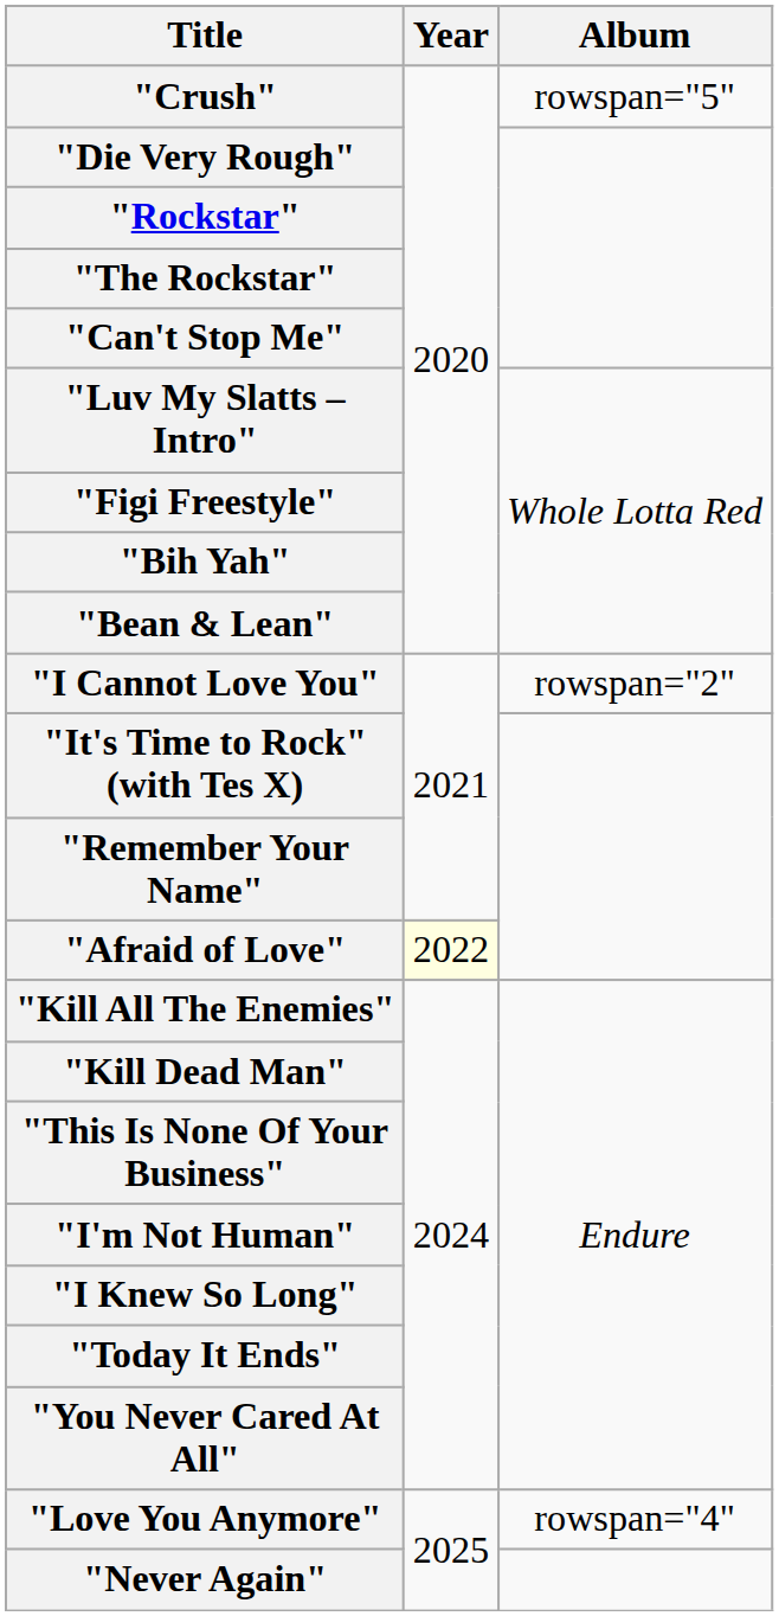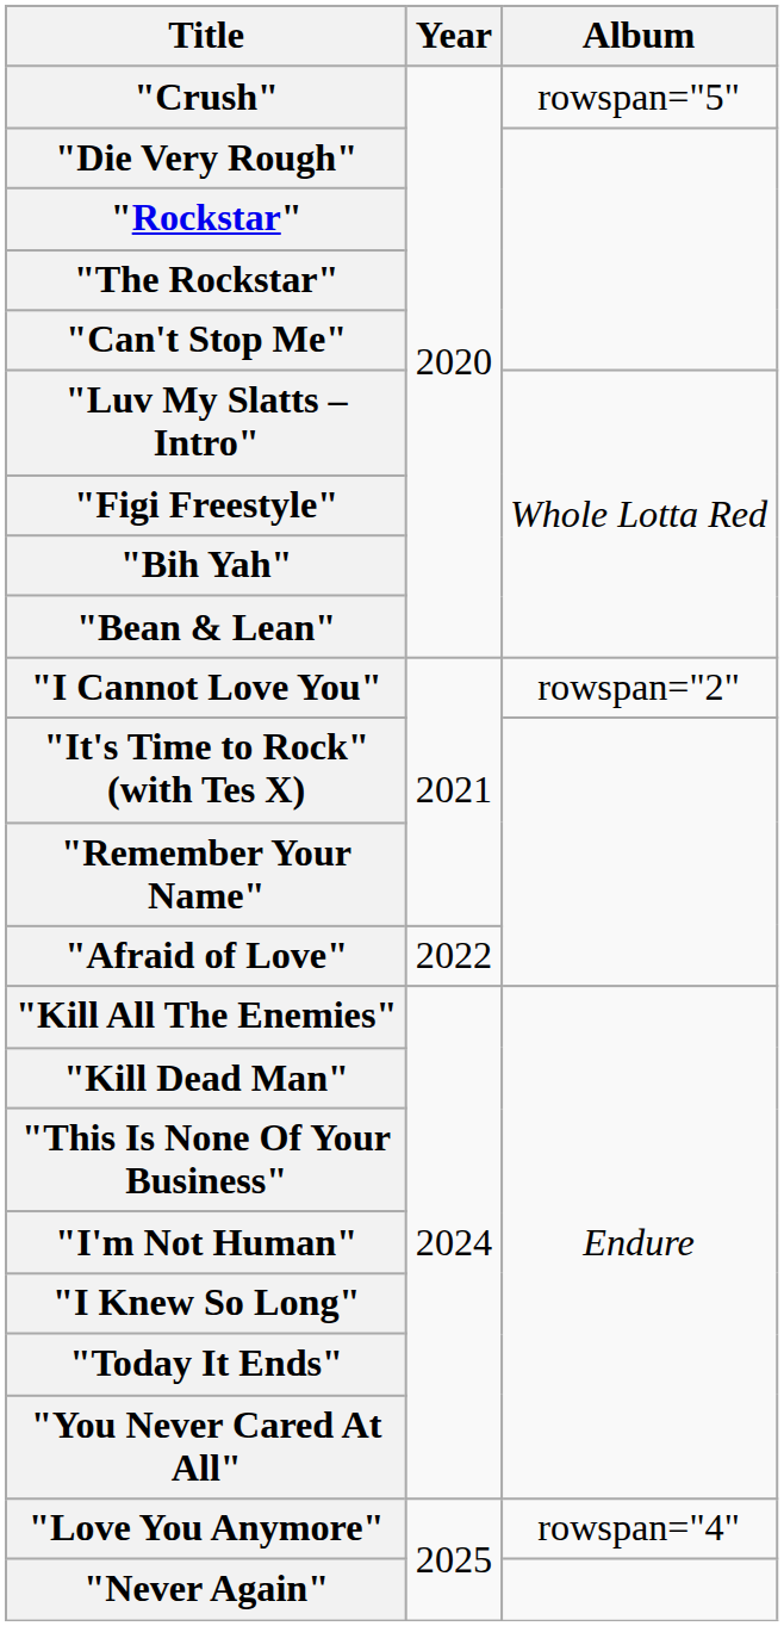 <table class="wikitable plainrowheaders" style="text-align:center;">
 <tr>
 <th scope="col" style="width:10em;">Title</th>
 <th scope="col">Year</th>
 <th scope="col">Album</th>
 </tr>
 <tr>
 <th scope="row">"Crush"</th>
 <td rowspan="9">2020</td>
 <td>rowspan="5"</td>
 </tr>
 <tr>
 <th scope="row">"Die Very Rough"</th>
 </tr>
 <tr>
 <th scope="row">"<a href='#'>Rockstar</a>"</th>
 </tr>
 <tr>
 <th scope="row">"The Rockstar"</th>
 </tr>
 <tr>
 <th scope="row">"Can't Stop Me"</th>
 </tr>
 <tr>
 <th scope="row">"Luv My Slatts – Intro"</th>
 <td rowspan="4"><em>Whole Lotta Red</em></td>
 </tr>
 <tr>
 <th scope="row">"Figi Freestyle"</th>
 </tr>
 <tr>
 <th scope="row">"Bih Yah"</th>
 </tr>
 <tr>
 <th scope="row">"Bean & Lean"</th>
 </tr>
 <tr>
 <th scope="row">"I Cannot Love You"</th>
 <td rowspan="3">2021</td>
 <td>rowspan="2" </td>
 </tr>
 <tr>
 <th scope="row">"It's Time to Rock"<br><span>(with Tes X)</span></th>
 </tr>
 <tr>
 <th scope="row">"Remember Your Name"</th>
 </tr>
 <tr>
 <th scope="row">"Afraid of Love"</th>
-<td style="background: lightyellow;">2022</td>
+<td>2022</td>
 </tr>
 <tr>
 <th scope="row">"Kill All The Enemies"</th>
 <td rowspan="7">2024</td>
 <td rowspan="7"><em>Endure</em></td>
 </tr>
 <tr>
 <th scope="row">"Kill Dead Man"</th>
 </tr>
 <tr>
 <th scope="row">"This Is None Of Your Business"</th>
 </tr>
 <tr>
 <th scope="row">"I'm Not Human"</th>
 </tr>
 <tr>
 <th scope="row">"I Knew So Long"</th>
 </tr>
 <tr>
 <th scope="row">"Today It Ends"</th>
 </tr>
 <tr>
 <th scope="row">"You Never Cared At All"</th>
 </tr>
 <tr>
 <th scope="row">"Love You Anymore"</th>
 <td rowspan="2">2025</td>
 <td>rowspan="4" </td>
 </tr>
 <tr>
 <th scope="row">"Never Again"</th>
 </tr>
 <tr>
 </tr>
 </table>
